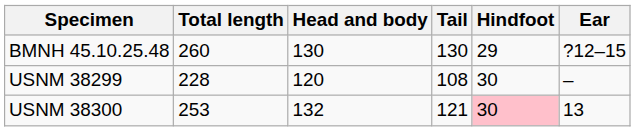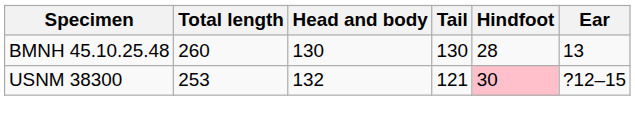 <table class="wikitable" style="align: left; float: left">
 <tr>
 <th scope="col">Specimen</th>
 <th scope="col">Total length</th>
 <th scope="col">Head and body</th>
 <th scope="col">Tail</th>
 <th scope="col">Hindfoot</th>
 <th scope="col">Ear</th>
 </tr>
 <tr>
 <td>BMNH 45.10.25.48</td>
 <td>260</td>
 <td>130</td>
 <td>130</td>
-<td>29</td>
-<td>?12–15</td>
-</tr>
-<tr>
-<td>USNM 38299</td>
-<td>228</td>
-<td>120</td>
-<td>108</td>
-<td>30</td>
-<td>–</td>
+<td>28</td>
+<td>13</td>
 </tr>
 <tr>
 <td>USNM 38300</td>
 <td>253</td>
 <td>132</td>
 <td>121</td>
 <td style="background: pink;">30</td>
-<td>13</td>
+<td>?12–15</td>
 </tr>
 </table>
